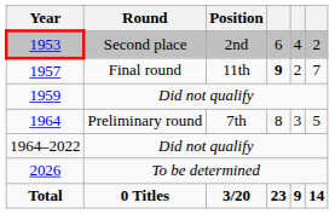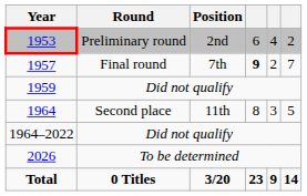 <table class="wikitable" style="text-align: center;">
 <tr>
 <th>Year</th>
 <th>Round</th>
 <th>Position</th>
 <th></th>
 <th></th>
 <th></th>
 </tr>
 <tr bgcolor=Silver>
 <td style="border: 3px solid red"> <a href='#'>1953</a></td>
-<td>Second place</td>
+<td>Preliminary round</td>
 <td>2nd</td>
 <td>6</td>
 <td>4</td>
 <td>2</td>
 </tr>
 <tr>
 <td> <a href='#'>1957</a></td>
 <td>Final round</td>
-<td>11th</td>
+<td>7th</td>
 <td><strong>9</strong></td>
 <td>2</td>
 <td>7</td>
 </tr>
 <tr>
 <td> <a href='#'>1959</a></td>
 <td colspan="5"><em>Did not qualify</em></td>
 </tr>
 <tr>
 <td> <a href='#'>1964</a></td>
-<td>Preliminary round</td>
-<td>7th</td>
+<td>Second place</td>
+<td>11th</td>
 <td>8</td>
 <td>3</td>
 <td>5</td>
 </tr>
 <tr>
 <td>1964–2022</td>
 <td colspan="5"><em>Did not qualify</em></td>
 </tr>
 <tr>
 <td> <a href='#'>2026</a></td>
 <td colspan="5"><em>To be determined</em></td>
 </tr>
 <tr>
 <td colspan=1><strong>Total</strong></td>
 <td><strong>0 Titles</strong></td>
 <td><strong>3/20</strong></td>
 <td><strong>23</strong></td>
 <td><strong>9</strong></td>
 <td><strong>14</strong></td>
 </tr>
 </table>
